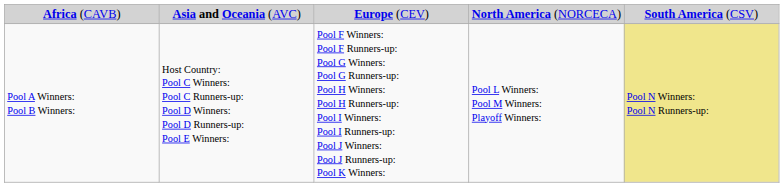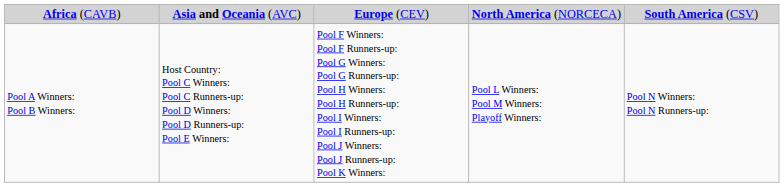 <table class="wikitable">
 <tr style="background:Lightgrey;">
 <td style="width:20%; text-align:center;"><strong><a href='#'>Africa</a></strong> (<a href='#'>CAVB</a>)</td>
 <td style="width:20%; text-align:center;"><strong><a href='#'>Asia</a> and <a href='#'>Oceania</a></strong> (<a href='#'>AVC</a>)</td>
 <td style="width:20%; text-align:center;"><strong><a href='#'>Europe</a></strong> (<a href='#'>CEV</a>)</td>
 <td style="width:20%; text-align:center;"><strong><a href='#'>North America</a></strong> (<a href='#'>NORCECA</a>)</td>
 <td style="width:20%; text-align:center;"><strong><a href='#'>South America</a></strong> (<a href='#'>CSV</a>)</td>
 </tr>
 <tr>
 <td><small><a href='#'>Pool A</a> Winners: <br><a href='#'>Pool B</a> Winners: </small></td>
 <td><small>Host Country: <br><a href='#'>Pool C</a> Winners:  <br><a href='#'>Pool C</a> Runners-up: <br><a href='#'>Pool D</a> Winners: <br><a href='#'>Pool D</a> Runners-up: <br><a href='#'>Pool E</a> Winners: </small></td>
 <td><small><a href='#'>Pool F</a> Winners: <br><a href='#'>Pool F</a> Runners-up: <br><a href='#'>Pool G</a> Winners: <br><a href='#'>Pool G</a> Runners-up: <br><a href='#'>Pool H</a> Winners: <br><a href='#'>Pool H</a> Runners-up: <br><a href='#'>Pool I</a> Winners: <br><a href='#'>Pool I</a> Runners-up: <br><a href='#'>Pool J</a> Winners: <br><a href='#'>Pool J</a> Runners-up: <br><a href='#'>Pool K</a> Winners: </small></td>
 <td><small><a href='#'>Pool L</a> Winners: <br><a href='#'>Pool M</a> Winners: <br><a href='#'>Playoff</a> Winners: </small></td>
-<td style="background: khaki;"><small><a href='#'>Pool N</a> Winners: <br><a href='#'>Pool N</a> Runners-up: </small></td>
+<td><small><a href='#'>Pool N</a> Winners: <br><a href='#'>Pool N</a> Runners-up: </small></td>
 </tr>
 </table>
